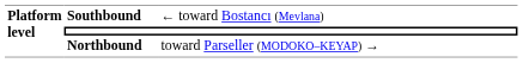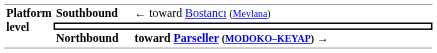 <table cellpadding="3" cellspacing="0" border="0">
 <tr>
 <td rowspan="3" width="50" style="border-top-color: gray; border-bottom-color: gray; border-top-width: 1px; border-bottom-width: 1px; border-top-style: solid; border-bottom-style: solid;" valign="top"><strong>Platform level</strong></td>
 <td width="100" style="border-top-color: gray; border-top-width: 1px; border-top-style: solid;"><strong>Southbound</strong></td>
 <td width="400" style="border-top-color: gray; border-top-width: 1px; border-top-style: solid;">←  toward <a href='#'>Bostancı</a> <small>(<a href='#'>Mevlana</a>)</small></td>
 </tr>
 <tr>
 <td colspan="2" style="border: 2px solid black; border-image: none; text-align: center;"></td>
 </tr>
 <tr>
 <td style="border-bottom-color: gray; border-bottom-width: 1px; border-bottom-style: solid;"><strong>Northbound</strong></td>
-<td style="border-bottom-color: gray; border-bottom-width: 1px; border-bottom-style: solid;"> toward <a href='#'>Parseller</a> <small>(<a href='#'>MODOKO–KEYAP</a>)</small> →</td>
+<td style="border-bottom-color: gray; border-bottom-width: 1px; border-bottom-style: solid;"><strong> toward <a href='#'>Parseller</a> <small>(<a href='#'>MODOKO–KEYAP</a>)</small> →</strong></td>
 </tr>
 </table>
